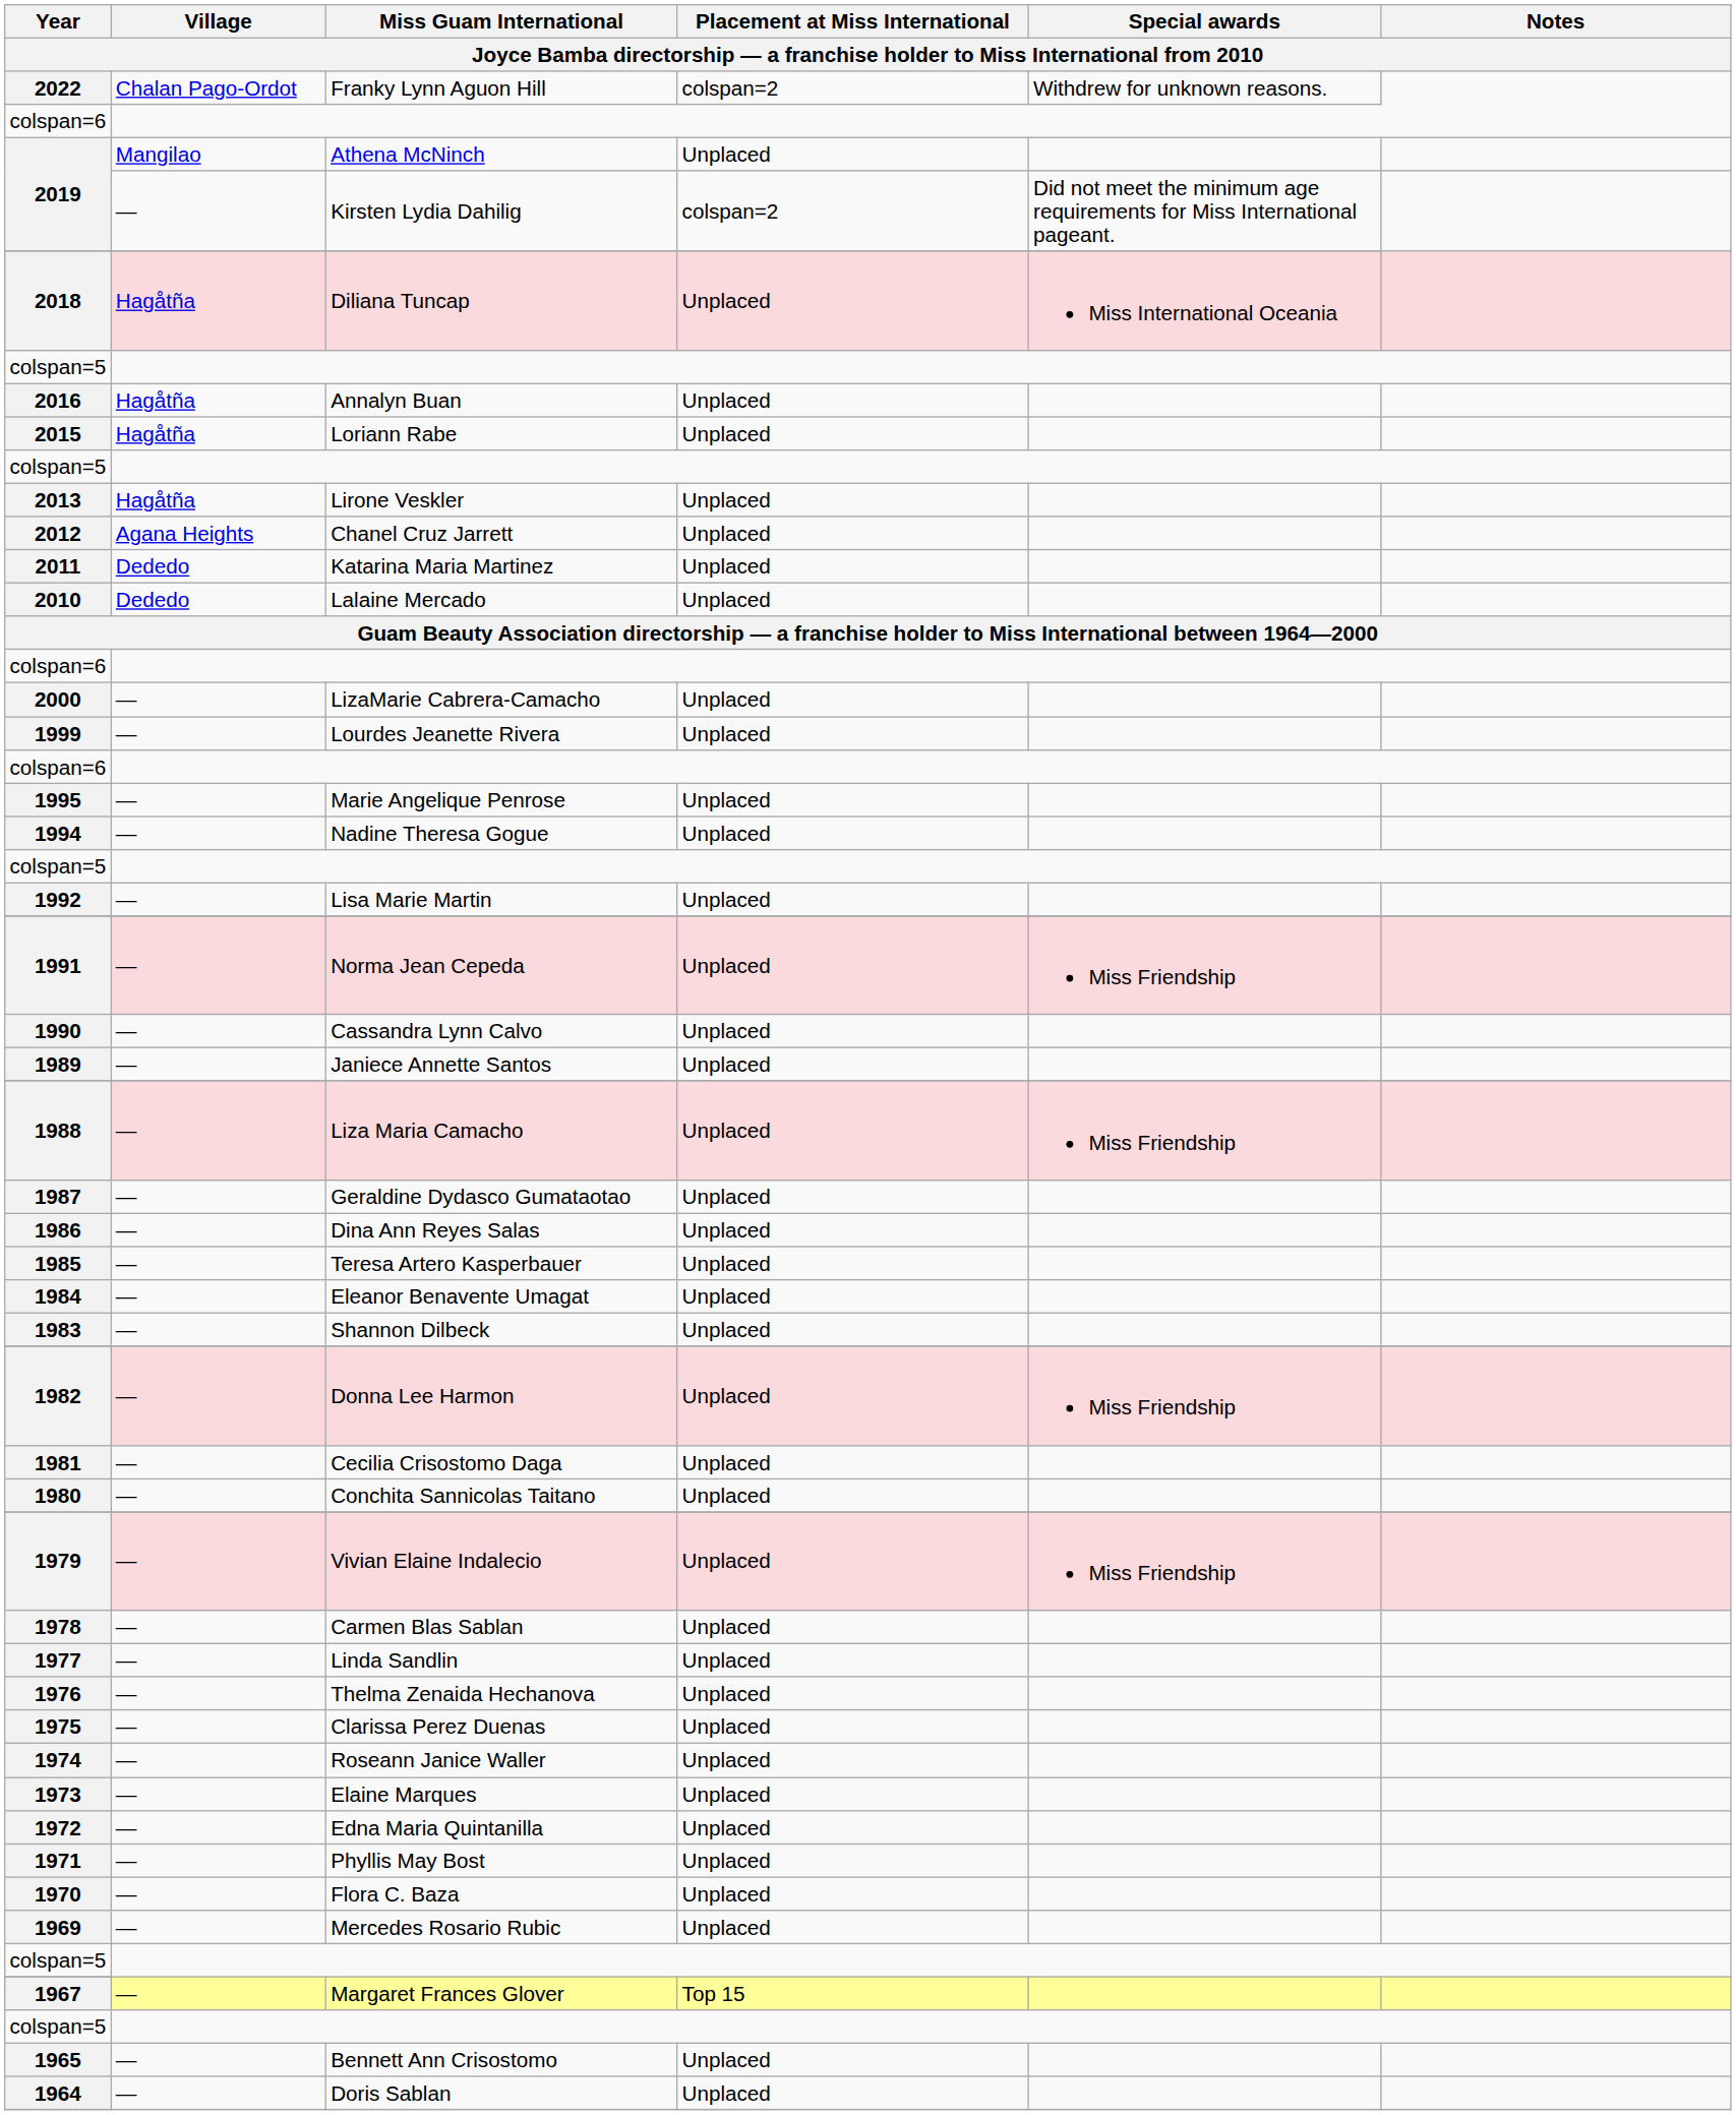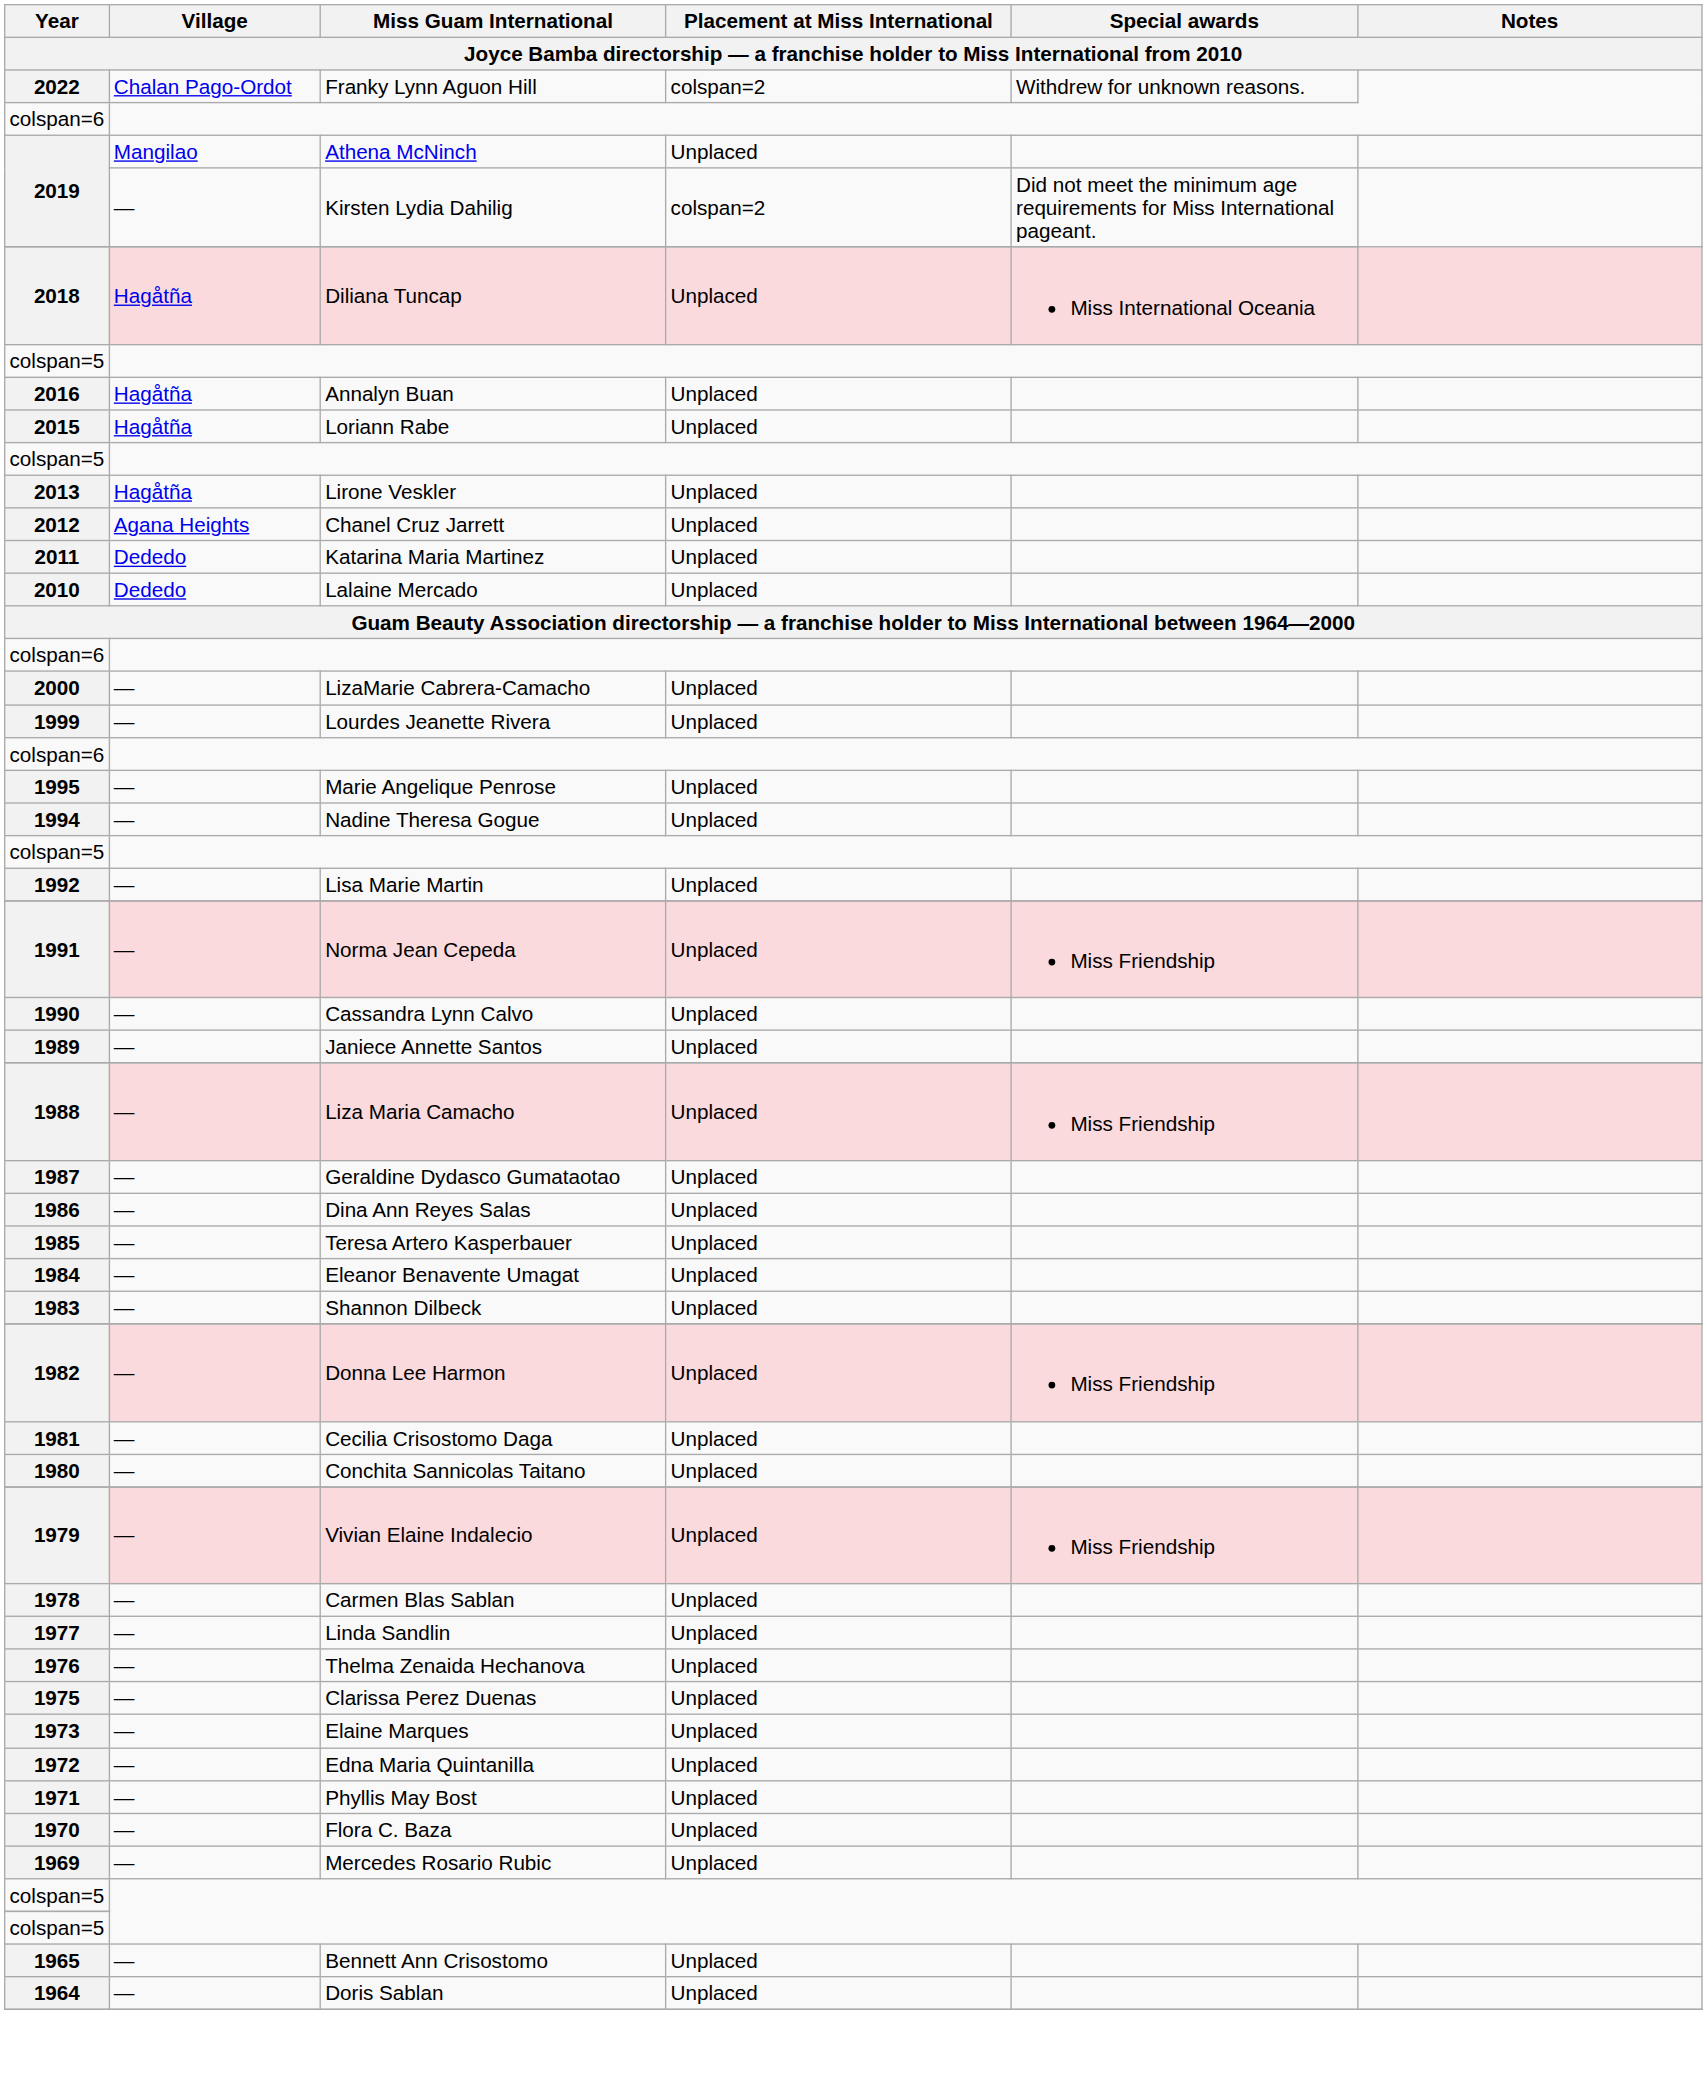 <table class="wikitable " style="font-size: 95%;">
 <tr>
 <th width="60">Year</th>
 <th width="150">Village</th>
 <th width="250">Miss Guam International</th>
 <th width="250">Placement at Miss International</th>
 <th width="250">Special awards</th>
 <th width="250">Notes</th>
 </tr>
 <tr>
 <th colspan="6">Joyce Bamba directorship — a franchise holder to Miss International from 2010</th>
 </tr>
 <tr>
 <th>2022</th>
 <td><a href='#'>Chalan Pago-Ordot</a></td>
 <td>Franky Lynn Aguon Hill</td>
 <td>colspan=2 </td>
 <td>Withdrew for unknown reasons.</td>
 </tr>
 <tr>
 <td>colspan=6 </td>
 </tr>
 <tr>
 <th rowspan=2>2019</th>
 <td><a href='#'>Mangilao</a></td>
 <td><a href='#'>Athena McNinch</a></td>
 <td>Unplaced</td>
 <td></td>
 <td></td>
 </tr>
 <tr>
 <td>—</td>
 <td>Kirsten Lydia Dahilig</td>
 <td>colspan=2 </td>
 <td>Did not meet the minimum age requirements for Miss International pageant.</td>
 </tr>
 <tr>
 </tr>
 <tr style="background-color:#FADADD; ">
 <th>2018</th>
 <td><a href='#'>Hagåtña</a></td>
 <td>Diliana Tuncap</td>
 <td>Unplaced</td>
 <td align="left"><br><ul><li>Miss International Oceania</li></ul></td>
 <td></td>
 </tr>
 <tr>
 <td>colspan=5 </td>
 </tr>
 <tr>
 <th>2016</th>
 <td><a href='#'>Hagåtña</a></td>
 <td>Annalyn Buan</td>
 <td>Unplaced</td>
 <td></td>
 <td></td>
 </tr>
 <tr>
 <th>2015</th>
 <td><a href='#'>Hagåtña</a></td>
 <td>Loriann Rabe</td>
 <td>Unplaced</td>
 <td></td>
 <td></td>
 </tr>
 <tr>
 <td>colspan=5 </td>
 </tr>
 <tr>
 <th>2013</th>
 <td><a href='#'>Hagåtña</a></td>
 <td>Lirone Veskler</td>
 <td>Unplaced</td>
 <td></td>
 <td></td>
 </tr>
 <tr>
 <th>2012</th>
 <td><a href='#'>Agana Heights</a></td>
 <td>Chanel Cruz Jarrett</td>
 <td>Unplaced</td>
 <td></td>
 <td></td>
 </tr>
 <tr>
 <th>2011</th>
 <td><a href='#'>Dededo</a></td>
 <td>Katarina Maria Martinez</td>
 <td>Unplaced</td>
 <td></td>
 <td></td>
 </tr>
 <tr>
 <th>2010</th>
 <td><a href='#'>Dededo</a></td>
 <td>Lalaine Mercado</td>
 <td>Unplaced</td>
 <td></td>
 <td></td>
 </tr>
 <tr>
 <th colspan="6">Guam Beauty Association directorship — a franchise holder to Miss International between 1964―2000</th>
 </tr>
 <tr>
 <td>colspan=6 </td>
 </tr>
 <tr>
 <th>2000</th>
 <td>—</td>
 <td>LizaMarie Cabrera-Camacho</td>
 <td>Unplaced</td>
 <td></td>
 <td></td>
 </tr>
 <tr>
 <th>1999</th>
 <td>—</td>
 <td>Lourdes Jeanette Rivera</td>
 <td>Unplaced</td>
 <td></td>
 <td></td>
 </tr>
 <tr>
 <td>colspan=6 </td>
 </tr>
 <tr>
 <th>1995</th>
 <td>—</td>
 <td>Marie Angelique Penrose</td>
 <td>Unplaced</td>
 <td></td>
 <td></td>
 </tr>
 <tr>
 <th>1994</th>
 <td>—</td>
 <td>Nadine Theresa Gogue</td>
 <td>Unplaced</td>
 <td></td>
 <td></td>
 </tr>
 <tr>
 <td>colspan=5 </td>
 </tr>
 <tr>
 <th>1992</th>
 <td>—</td>
 <td>Lisa Marie Martin</td>
 <td>Unplaced</td>
 <td></td>
 <td></td>
 </tr>
 <tr>
 </tr>
 <tr style="background-color:#FADADD; ">
 <th>1991</th>
 <td>—</td>
 <td>Norma Jean Cepeda</td>
 <td>Unplaced</td>
 <td align="left"><br><ul><li>Miss Friendship</li></ul></td>
 <td></td>
 </tr>
 <tr>
 <th>1990</th>
 <td>—</td>
 <td>Cassandra Lynn Calvo</td>
 <td>Unplaced</td>
 <td></td>
 <td></td>
 </tr>
 <tr>
 <th>1989</th>
 <td>—</td>
 <td>Janiece Annette Santos</td>
 <td>Unplaced</td>
 <td></td>
 <td></td>
 </tr>
 <tr>
 </tr>
 <tr style="background-color:#FADADD; ">
 <th>1988</th>
 <td>—</td>
 <td>Liza Maria Camacho</td>
 <td>Unplaced</td>
 <td align="left"><br><ul><li>Miss Friendship</li></ul></td>
 <td></td>
 </tr>
 <tr>
 <th>1987</th>
 <td>—</td>
 <td>Geraldine Dydasco Gumataotao</td>
 <td>Unplaced</td>
 <td></td>
 <td></td>
 </tr>
 <tr>
 <th>1986</th>
 <td>—</td>
 <td>Dina Ann Reyes Salas</td>
 <td>Unplaced</td>
 <td></td>
 <td></td>
 </tr>
 <tr>
 <th>1985</th>
 <td>—</td>
 <td>Teresa Artero Kasperbauer</td>
 <td>Unplaced</td>
 <td></td>
 <td></td>
 </tr>
 <tr>
 <th>1984</th>
 <td>—</td>
 <td>Eleanor Benavente Umagat</td>
 <td>Unplaced</td>
 <td></td>
 <td></td>
 </tr>
 <tr>
 <th>1983</th>
 <td>—</td>
 <td>Shannon Dilbeck</td>
 <td>Unplaced</td>
 <td></td>
 <td></td>
 </tr>
 <tr>
 </tr>
 <tr style="background-color:#FADADD; ">
 <th>1982</th>
 <td>—</td>
 <td>Donna Lee Harmon</td>
 <td>Unplaced</td>
 <td align="left"><br><ul><li>Miss Friendship</li></ul></td>
 <td></td>
 </tr>
 <tr>
 <th>1981</th>
 <td>—</td>
 <td>Cecilia Crisostomo Daga</td>
 <td>Unplaced</td>
 <td></td>
 <td></td>
 </tr>
 <tr>
 <th>1980</th>
 <td>—</td>
 <td>Conchita Sannicolas Taitano</td>
 <td>Unplaced</td>
 <td></td>
 <td></td>
 </tr>
 <tr>
 </tr>
 <tr style="background-color:#FADADD; ">
 <th>1979</th>
 <td>—</td>
 <td>Vivian Elaine Indalecio</td>
 <td>Unplaced</td>
 <td align="left"><br><ul><li>Miss Friendship</li></ul></td>
 <td></td>
 </tr>
 <tr>
 <th>1978</th>
 <td>—</td>
 <td>Carmen Blas Sablan</td>
 <td>Unplaced</td>
 <td></td>
 <td></td>
 </tr>
 <tr>
 <th>1977</th>
 <td>—</td>
 <td>Linda Sandlin</td>
 <td>Unplaced</td>
 <td></td>
 <td></td>
 </tr>
 <tr>
 <th>1976</th>
 <td>—</td>
 <td>Thelma Zenaida Hechanova</td>
 <td>Unplaced</td>
 <td></td>
 <td></td>
 </tr>
 <tr>
 <th>1975</th>
 <td>—</td>
 <td>Clarissa Perez Duenas</td>
 <td>Unplaced</td>
 <td></td>
 <td></td>
 </tr>
 <tr>
-<th>1974</th>
-<td>—</td>
-<td>Roseann Janice Waller</td>
-<td>Unplaced</td>
-<td></td>
-<td></td>
-</tr>
-<tr>
 <th>1973</th>
 <td>—</td>
 <td>Elaine Marques</td>
 <td>Unplaced</td>
 <td></td>
 <td></td>
 </tr>
 <tr>
 <th>1972</th>
 <td>—</td>
 <td>Edna Maria Quintanilla</td>
 <td>Unplaced</td>
 <td></td>
 <td></td>
 </tr>
 <tr>
 <th>1971</th>
 <td>—</td>
 <td>Phyllis May Bost</td>
 <td>Unplaced</td>
 <td></td>
 <td></td>
 </tr>
 <tr>
 <th>1970</th>
 <td>—</td>
 <td>Flora C. Baza</td>
 <td>Unplaced</td>
 <td></td>
 <td></td>
 </tr>
 <tr>
 <th>1969</th>
 <td>—</td>
 <td>Mercedes Rosario Rubic</td>
 <td>Unplaced</td>
 <td></td>
 <td></td>
 </tr>
 <tr>
 <td>colspan=5 </td>
 </tr>
 <tr>
 </tr>
-<tr style="background-color:#FFFF99;">
-<th>1967</th>
-<td>—</td>
-<td>Margaret Frances Glover</td>
-<td>Top 15</td>
-<td></td>
-<td></td>
-</tr>
 <tr>
 <td>colspan=5 </td>
 </tr>
 <tr>
 <th>1965</th>
 <td>—</td>
 <td>Bennett Ann Crisostomo</td>
 <td>Unplaced</td>
 <td></td>
 <td></td>
 </tr>
 <tr>
 <th>1964</th>
 <td>—</td>
 <td>Doris Sablan</td>
 <td>Unplaced</td>
 <td></td>
 <td></td>
 </tr>
 <tr>
 </tr>
 </table>
